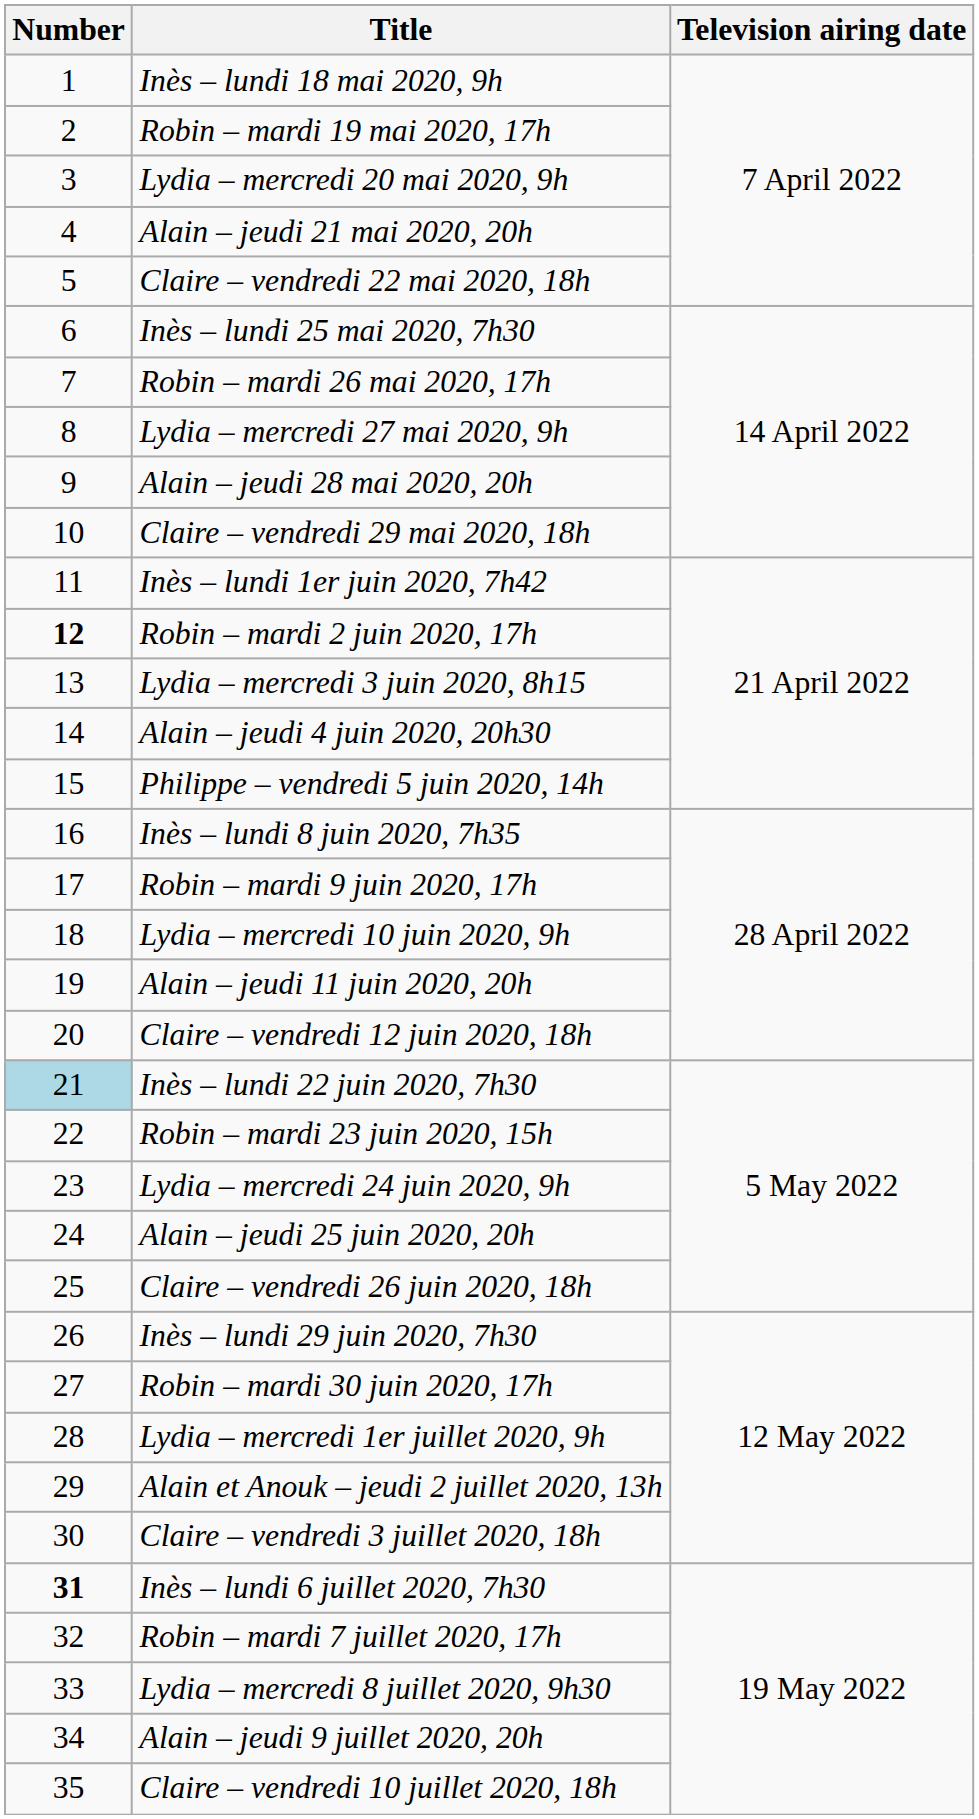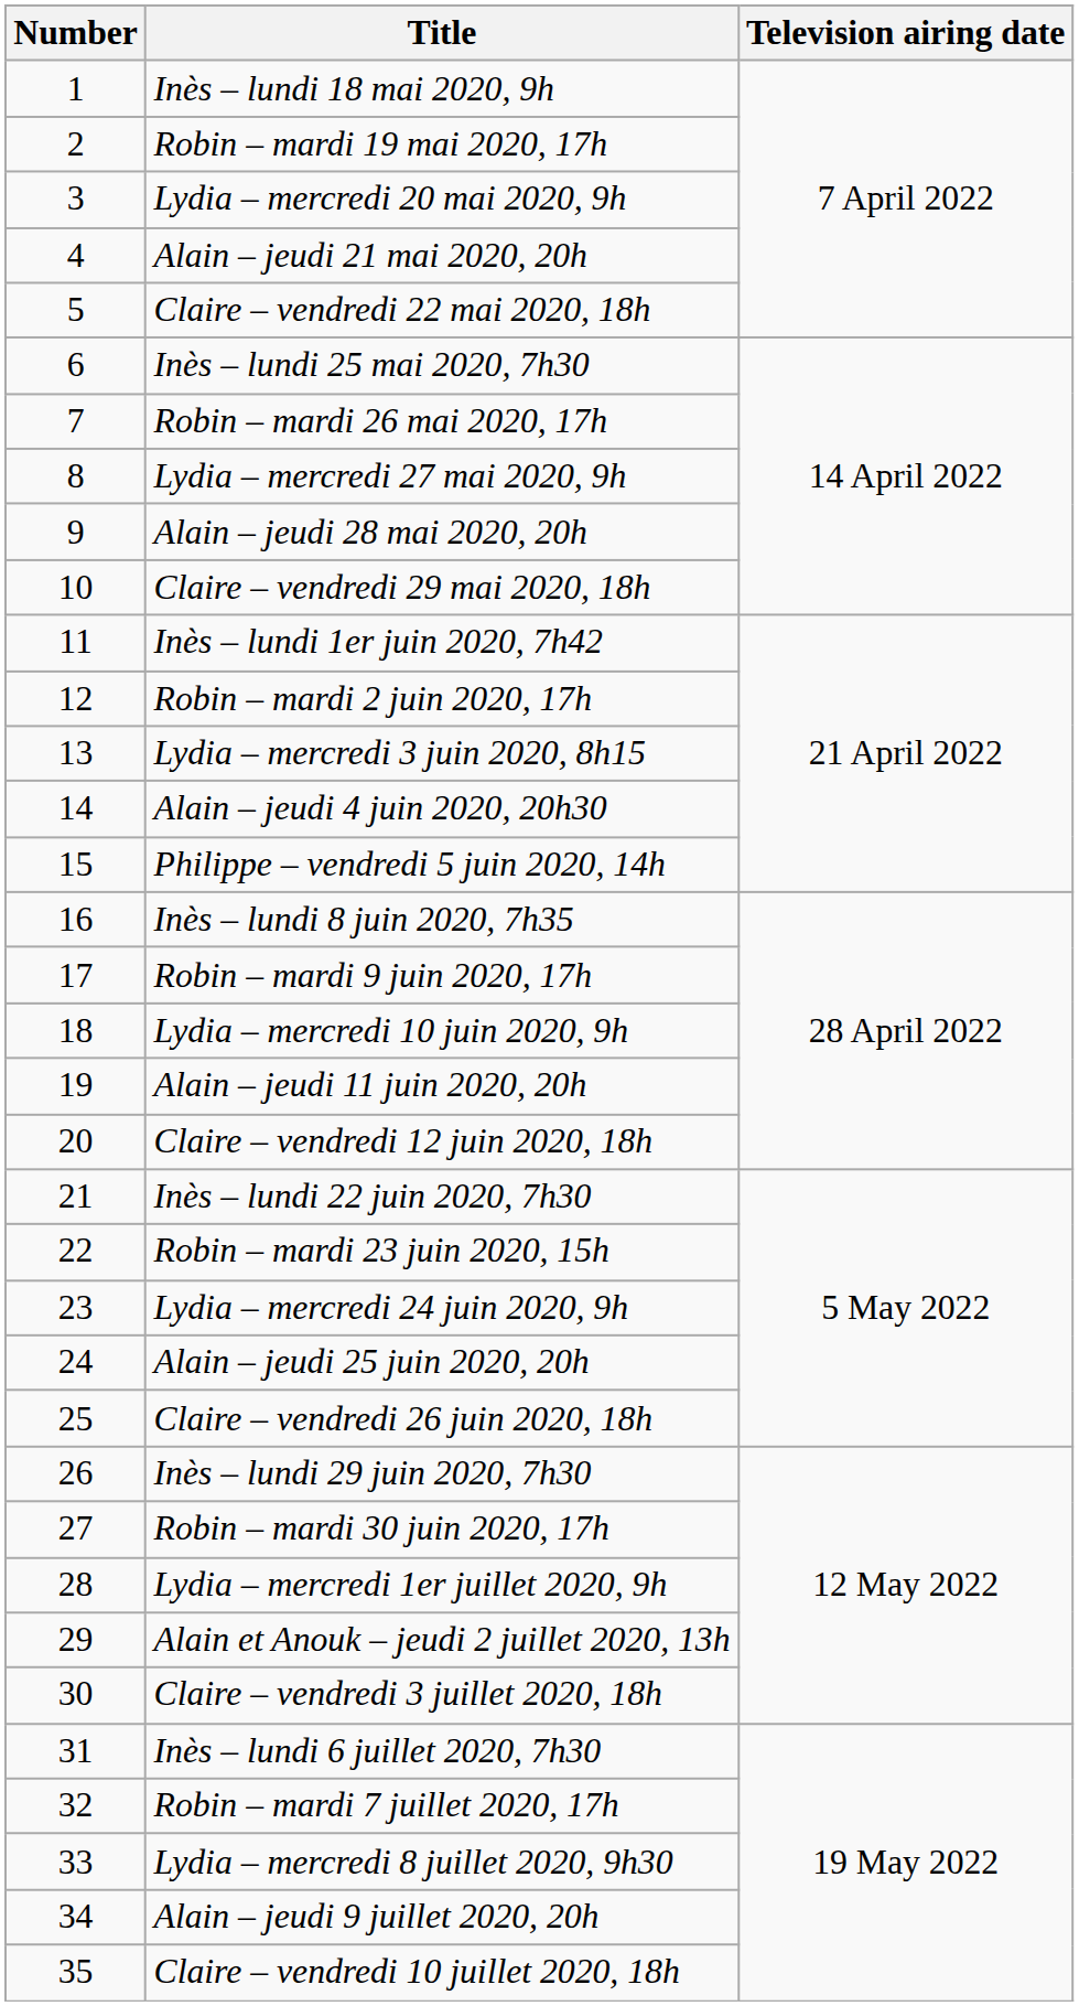 <table class="wikitable">
 <tr>
 <th>Number</th>
 <th>Title</th>
 <th>Television airing date</th>
 </tr>
 <tr>
 <td style="text-align: center;">1</td>
 <td><em>Inès – lundi 18 mai 2020, 9h</em></td>
 <td rowspan="5" style="text-align: center;">7 April 2022</td>
 </tr>
 <tr>
 <td style="text-align: center;">2</td>
 <td><em>Robin – mardi 19 mai 2020, 17h</em></td>
 </tr>
 <tr>
 <td style="text-align: center;">3</td>
 <td><em>Lydia – mercredi 20 mai 2020, 9h</em></td>
 </tr>
 <tr>
 <td style="text-align: center;">4</td>
 <td><em>Alain – jeudi 21 mai 2020, 20h</em></td>
 </tr>
 <tr>
 <td style="text-align: center;">5</td>
 <td><em>Claire – vendredi 22 mai 2020, 18h</em></td>
 </tr>
 <tr>
 <td style="text-align: center;">6</td>
 <td><em>Inès – lundi 25 mai 2020, 7h30</em></td>
 <td rowspan="5" style="text-align: center;">14 April 2022</td>
 </tr>
 <tr>
 <td style="text-align: center;">7</td>
 <td><em>Robin – mardi 26 mai 2020, 17h</em></td>
 </tr>
 <tr>
 <td style="text-align: center;">8</td>
 <td><em>Lydia – mercredi 27 mai 2020, 9h</em></td>
 </tr>
 <tr>
 <td style="text-align: center;">9</td>
 <td><em>Alain – jeudi 28 mai 2020, 20h</em></td>
 </tr>
 <tr>
 <td style="text-align: center;">10</td>
 <td><em>Claire – vendredi 29 mai 2020, 18h</em></td>
 </tr>
 <tr>
 <td style="text-align: center;">11</td>
 <td><em>Inès – lundi 1er juin 2020, 7h42</em></td>
 <td rowspan="5" style="text-align: center;">21 April 2022</td>
 </tr>
 <tr>
-<td style="text-align: center;"><strong>12</strong></td>
+<td style="text-align: center;">12</td>
 <td><em>Robin – mardi 2 juin 2020, 17h</em></td>
 </tr>
 <tr>
 <td style="text-align: center;">13</td>
 <td><em>Lydia – mercredi 3 juin 2020, 8h15</em></td>
 </tr>
 <tr>
 <td style="text-align: center;">14</td>
 <td><em>Alain – jeudi 4 juin 2020, 20h30</em></td>
 </tr>
 <tr>
 <td style="text-align: center;">15</td>
 <td><em>Philippe – vendredi 5 juin 2020, 14h</em></td>
 </tr>
 <tr>
 <td style="text-align: center;">16</td>
 <td><em>Inès – lundi 8 juin 2020, 7h35</em></td>
 <td rowspan="5" style="text-align: center;">28 April 2022</td>
 </tr>
 <tr>
 <td style="text-align: center;">17</td>
 <td><em>Robin – mardi 9 juin 2020, 17h</em></td>
 </tr>
 <tr>
 <td style="text-align: center;">18</td>
 <td><em>Lydia – mercredi 10 juin 2020, 9h</em></td>
 </tr>
 <tr>
 <td style="text-align: center;">19</td>
 <td><em>Alain – jeudi 11 juin 2020, 20h</em></td>
 </tr>
 <tr>
 <td style="text-align: center;">20</td>
 <td><em>Claire – vendredi 12 juin 2020, 18h</em></td>
 </tr>
 <tr>
-<td style="background: lightblue; text-align: center;">21</td>
+<td style="text-align: center;">21</td>
 <td><em>Inès – lundi 22 juin 2020, 7h30</em></td>
 <td rowspan="5" style="text-align: center;">5 May 2022</td>
 </tr>
 <tr>
 <td style="text-align: center;">22</td>
 <td><em>Robin – mardi 23 juin 2020, 15h</em></td>
 </tr>
 <tr>
 <td style="text-align: center;">23</td>
 <td><em>Lydia – mercredi 24 juin 2020, 9h</em></td>
 </tr>
 <tr>
 <td style="text-align: center;">24</td>
 <td><em>Alain – jeudi 25 juin 2020, 20h</em></td>
 </tr>
 <tr>
 <td style="text-align: center;">25</td>
 <td><em>Claire – vendredi 26 juin 2020, 18h</em></td>
 </tr>
 <tr>
 <td style="text-align: center;">26</td>
 <td><em>Inès – lundi 29 juin 2020, 7h30</em></td>
 <td rowspan="5" style="text-align: center;">12 May 2022</td>
 </tr>
 <tr>
 <td style="text-align: center;">27</td>
 <td><em>Robin – mardi 30 juin 2020, 17h</em></td>
 </tr>
 <tr>
 <td style="text-align: center;">28</td>
 <td><em>Lydia – mercredi 1er juillet 2020, 9h</em></td>
 </tr>
 <tr>
 <td style="text-align: center;">29</td>
 <td><em>Alain et Anouk – jeudi 2 juillet 2020, 13h</em></td>
 </tr>
 <tr>
 <td style="text-align: center;">30</td>
 <td><em>Claire – vendredi 3 juillet 2020, 18h</em></td>
 </tr>
 <tr>
-<td style="text-align: center;"><strong>31</strong></td>
+<td style="text-align: center;">31</td>
 <td><em>Inès – lundi 6 juillet 2020, 7h30</em></td>
 <td rowspan="5" style="text-align: center;">19 May 2022</td>
 </tr>
 <tr>
 <td style="text-align: center;">32</td>
 <td><em>Robin – mardi 7 juillet 2020, 17h</em></td>
 </tr>
 <tr>
 <td style="text-align: center;">33</td>
 <td><em>Lydia – mercredi 8 juillet 2020, 9h30</em></td>
 </tr>
 <tr>
 <td style="text-align: center;">34</td>
 <td><em>Alain – jeudi 9 juillet 2020, 20h</em></td>
 </tr>
 <tr>
 <td style="text-align: center;">35</td>
 <td><em>Claire – vendredi 10 juillet 2020, 18h</em></td>
 </tr>
 </table>
